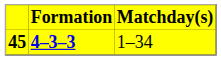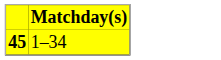 <table class="toccolours" border="0" cellpadding="2" cellspacing="0" align="center" style="margin: 0.5em 0 1em 1em; background: #000000; border: 1px #aaaaaa solid;">
 <tr bgcolor=#FFFF00>
 <th></th>
-<th>Formation</th>
 <th>Matchday(s)</th>
 </tr>
 <tr bgcolor=#FFFF00>
 <td><strong>45</strong></td>
-<td><a href='#'><span><strong>4–3–3</strong></span></a></td>
 <td>1–34</td>
 </tr>
 </table>
